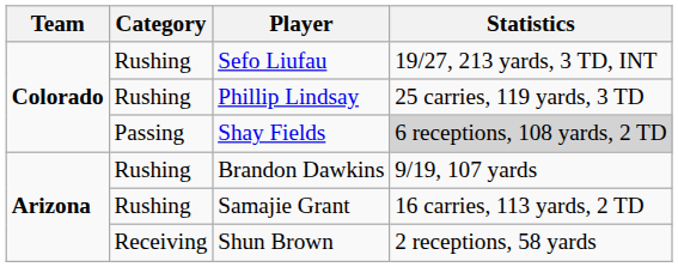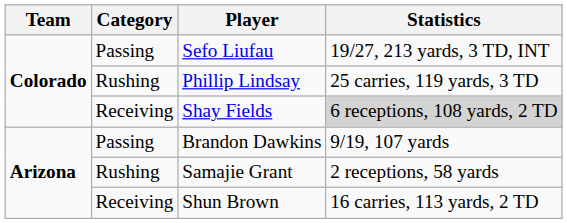 <table class="wikitable" style="float: right;">
 <tr>
 <th>Team</th>
 <th>Category</th>
 <th>Player</th>
 <th>Statistics</th>
 </tr>
 <tr>
 <td rowspan=3><strong>Colorado</strong></td>
-<td>Rushing</td>
+<td>Passing</td>
 <td><a href='#'>Sefo Liufau</a></td>
 <td>19/27, 213 yards, 3 TD, INT</td>
 </tr>
 <tr>
 <td>Rushing</td>
 <td><a href='#'>Phillip Lindsay</a></td>
 <td>25 carries, 119 yards, 3 TD</td>
 </tr>
 <tr>
-<td>Passing</td>
+<td>Receiving</td>
 <td><a href='#'>Shay Fields</a></td>
 <td style="background: lightgrey;">6 receptions, 108 yards, 2 TD</td>
 </tr>
 <tr>
 <td rowspan=3><strong>Arizona</strong></td>
-<td>Rushing</td>
+<td>Passing</td>
 <td>Brandon Dawkins</td>
 <td>9/19, 107 yards</td>
 </tr>
 <tr>
 <td>Rushing</td>
 <td>Samajie Grant</td>
-<td>16 carries, 113 yards, 2 TD</td>
+<td>2 receptions, 58 yards</td>
 </tr>
 <tr>
 <td>Receiving</td>
 <td>Shun Brown</td>
-<td>2 receptions, 58 yards</td>
+<td>16 carries, 113 yards, 2 TD</td>
 </tr>
 </table>
